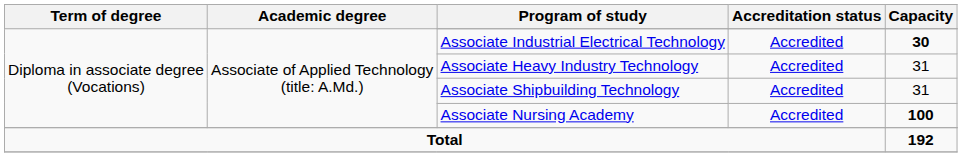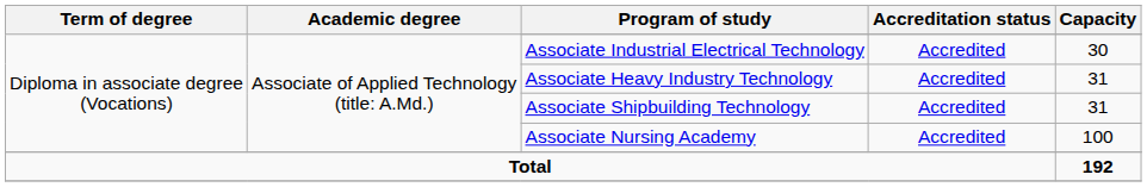 <table class='wikitable'>
 <tr>
 <th>Term of degree</th>
 <th>Academic degree</th>
 <th>Program of study</th>
 <th>Accreditation status</th>
 <th>Capacity</th>
 </tr>
 <tr style='text-align:center'>
 <td rowspan='5'>Diploma in associate degree <br> (Vocations)</td>
 <td rowspan='5'>Associate of Applied Technology <br> (title: A.Md.)</td>
 </tr>
 <tr>
 <td><a href='#'>Associate Industrial Electrical Technology</a></td>
 <td style='text-align:center'><a href='#'>Accredited</a></td>
-<td style='text-align:center'><strong>30</strong></td>
+<td style='text-align:center'>30</td>
 </tr>
 <tr>
 <td><a href='#'>Associate Heavy Industry Technology</a></td>
 <td style='text-align:center'><a href='#'>Accredited</a></td>
 <td style='text-align:center'>31</td>
 </tr>
 <tr>
 <td><a href='#'>Associate Shipbuilding Technology</a></td>
 <td style='text-align:center'><a href='#'>Accredited</a></td>
 <td style='text-align:center'>31</td>
 </tr>
 <tr>
 <td><a href='#'>Associate Nursing Academy</a></td>
 <td style='text-align:center'><a href='#'>Accredited</a></td>
-<td style='text-align:center'><strong>100</strong></td>
+<td style='text-align:center'>100</td>
 </tr>
 <tr>
 </tr>
 <tr style='text-align:center;font-weight:bold'>
 <td colspan='4'>Total</td>
 <td>192</td>
 </tr>
 <tr>
 </tr>
 </table>
